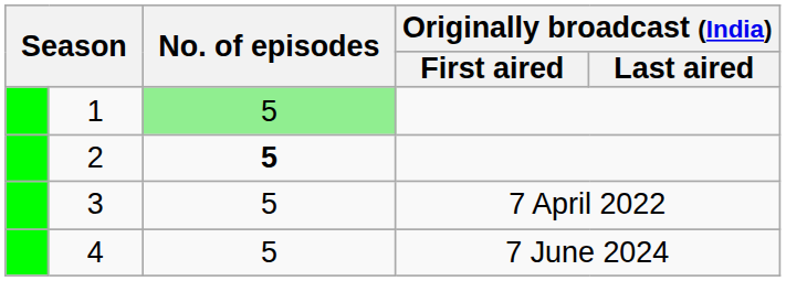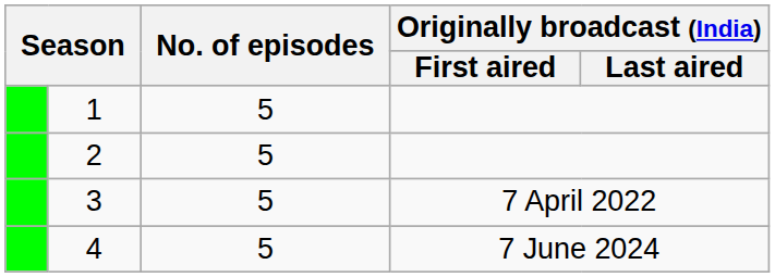 <table class="wikitable" style="text-align:center">
 <tr>
 <th style="padding: 0 8px" colspan="2" rowspan="2">Season</th>
 <th style="padding: 0 8px" rowspan="2">No. of episodes</th>
 <th colspan="2">Originally broadcast <small>(<a href='#'>India</a>)</small></th>
 </tr>
 <tr>
 <th style="padding: 0 8px">First aired</th>
 <th style="padding: 0 8px">Last aired</th>
 </tr>
 <tr>
 <td style="background:#00FF00"></td>
 <td align="center">1</td>
-<td align="center" style="background: lightgreen;">5</td>
+<td align="center">5</td>
 <td colspan="2" align="center"></td>
 </tr>
 <tr>
 <td style="background:#00FF00"></td>
 <td align="center">2</td>
-<td align="center"><strong>5</strong></td>
+<td align="center">5</td>
 <td colspan="2" align="center"></td>
 </tr>
 <tr>
 <td style="background:#00FF00"></td>
 <td align="center">3</td>
 <td align="center">5</td>
 <td colspan="2" align="center">7 April 2022</td>
 </tr>
 <tr>
 <td style="background:#00FF00"></td>
 <td align="center">4</td>
 <td align="center">5</td>
 <td colspan="2" align="center">7 June 2024</td>
 </tr>
 </table>
